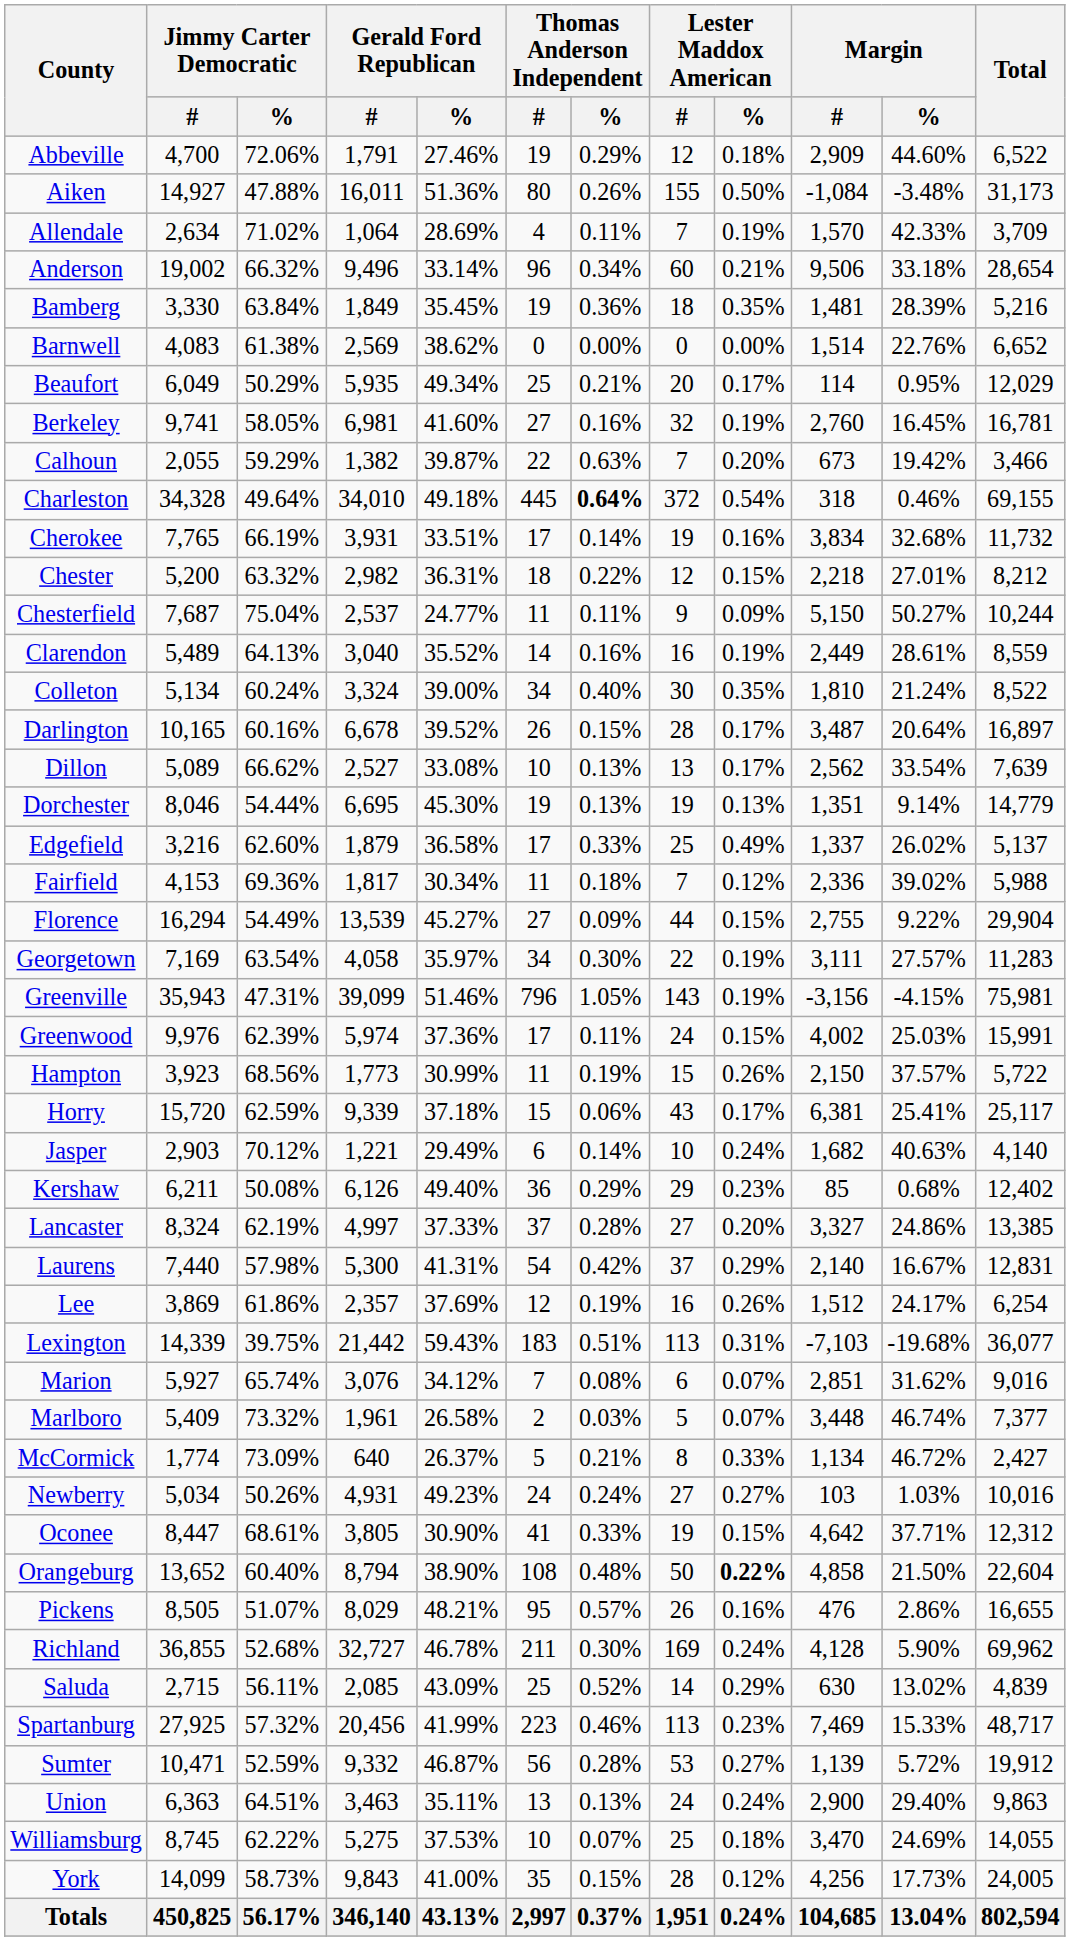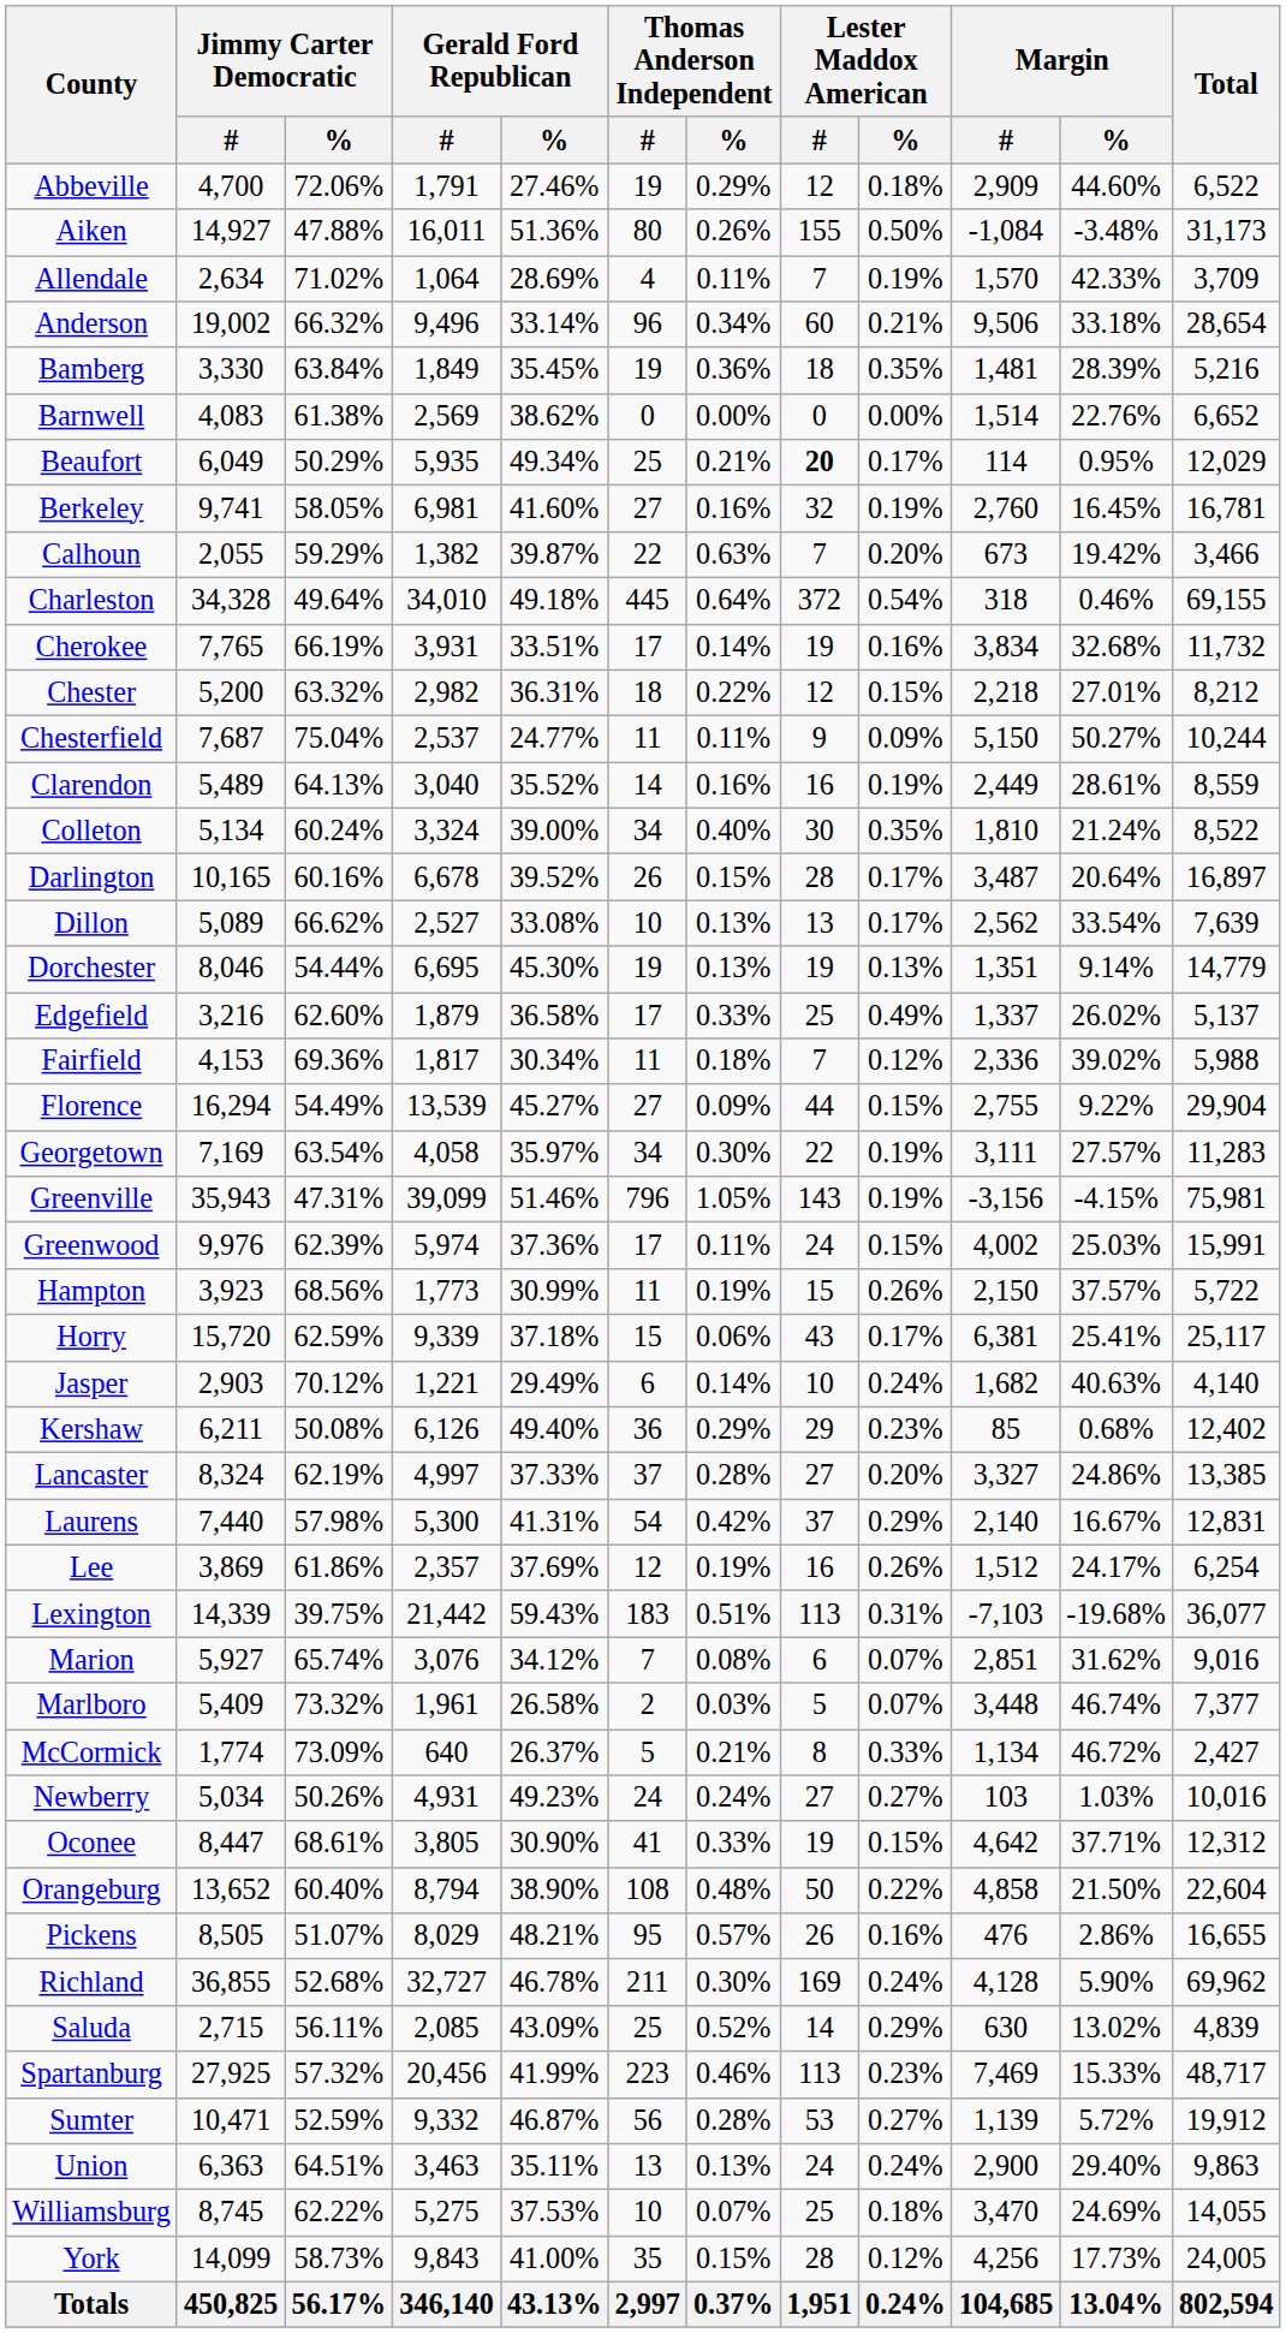 <table width="60%" class="wikitable sortable">
 <tr>
 <th rowspan="2">County</th>
 <th colspan="2">Jimmy Carter<br>Democratic</th>
 <th colspan="2">Gerald Ford<br>Republican</th>
 <th colspan="2">Thomas Anderson<br>Independent</th>
 <th colspan="2">Lester Maddox<br>American</th>
 <th colspan="2">Margin</th>
 <th rowspan="2">Total</th>
 </tr>
 <tr>
 <th style="text-align:center;" data-sort-type="number">#</th>
 <th style="text-align:center;" data-sort-type="number">%</th>
 <th style="text-align:center;" data-sort-type="number">#</th>
 <th style="text-align:center;" data-sort-type="number">%</th>
 <th style="text-align:center;" data-sort-type="number">#</th>
 <th style="text-align:center;" data-sort-type="number">%</th>
 <th style="text-align:center;" data-sort-type="number">#</th>
 <th style="text-align:center;" data-sort-type="number">%</th>
 <th style="text-align:center;" data-sort-type="number">#</th>
 <th style="text-align:center;" data-sort-type="number">%</th>
 </tr>
 <tr style="text-align:center;">
 <td><a href='#'>Abbeville</a></td>
 <td>4,700</td>
 <td>72.06%</td>
 <td>1,791</td>
 <td>27.46%</td>
 <td>19</td>
 <td>0.29%</td>
 <td>12</td>
 <td>0.18%</td>
 <td>2,909</td>
 <td>44.60%</td>
 <td>6,522</td>
 </tr>
 <tr style="text-align:center;">
 <td><a href='#'>Aiken</a></td>
 <td>14,927</td>
 <td>47.88%</td>
 <td>16,011</td>
 <td>51.36%</td>
 <td>80</td>
 <td>0.26%</td>
 <td>155</td>
 <td>0.50%</td>
 <td>-1,084</td>
 <td>-3.48%</td>
 <td>31,173</td>
 </tr>
 <tr style="text-align:center;">
 <td><a href='#'>Allendale</a></td>
 <td>2,634</td>
 <td>71.02%</td>
 <td>1,064</td>
 <td>28.69%</td>
 <td>4</td>
 <td>0.11%</td>
 <td>7</td>
 <td>0.19%</td>
 <td>1,570</td>
 <td>42.33%</td>
 <td>3,709</td>
 </tr>
 <tr style="text-align:center;">
 <td><a href='#'>Anderson</a></td>
 <td>19,002</td>
 <td>66.32%</td>
 <td>9,496</td>
 <td>33.14%</td>
 <td>96</td>
 <td>0.34%</td>
 <td>60</td>
 <td>0.21%</td>
 <td>9,506</td>
 <td>33.18%</td>
 <td>28,654</td>
 </tr>
 <tr style="text-align:center;">
 <td><a href='#'>Bamberg</a></td>
 <td>3,330</td>
 <td>63.84%</td>
 <td>1,849</td>
 <td>35.45%</td>
 <td>19</td>
 <td>0.36%</td>
 <td>18</td>
 <td>0.35%</td>
 <td>1,481</td>
 <td>28.39%</td>
 <td>5,216</td>
 </tr>
 <tr style="text-align:center;">
 <td><a href='#'>Barnwell</a></td>
 <td>4,083</td>
 <td>61.38%</td>
 <td>2,569</td>
 <td>38.62%</td>
 <td>0</td>
 <td>0.00%</td>
 <td>0</td>
 <td>0.00%</td>
 <td>1,514</td>
 <td>22.76%</td>
 <td>6,652</td>
 </tr>
 <tr style="text-align:center;">
 <td><a href='#'>Beaufort</a></td>
 <td>6,049</td>
 <td>50.29%</td>
 <td>5,935</td>
 <td>49.34%</td>
 <td>25</td>
 <td>0.21%</td>
-<td>20</td>
+<td><strong>20</strong></td>
 <td>0.17%</td>
 <td>114</td>
 <td>0.95%</td>
 <td>12,029</td>
 </tr>
 <tr style="text-align:center;">
 <td><a href='#'>Berkeley</a></td>
 <td>9,741</td>
 <td>58.05%</td>
 <td>6,981</td>
 <td>41.60%</td>
 <td>27</td>
 <td>0.16%</td>
 <td>32</td>
 <td>0.19%</td>
 <td>2,760</td>
 <td>16.45%</td>
 <td>16,781</td>
 </tr>
 <tr style="text-align:center;">
 <td><a href='#'>Calhoun</a></td>
 <td>2,055</td>
 <td>59.29%</td>
 <td>1,382</td>
 <td>39.87%</td>
 <td>22</td>
 <td>0.63%</td>
 <td>7</td>
 <td>0.20%</td>
 <td>673</td>
 <td>19.42%</td>
 <td>3,466</td>
 </tr>
 <tr style="text-align:center;">
 <td><a href='#'>Charleston</a></td>
 <td>34,328</td>
 <td>49.64%</td>
 <td>34,010</td>
 <td>49.18%</td>
 <td>445</td>
-<td><strong>0.64%</strong></td>
+<td>0.64%</td>
 <td>372</td>
 <td>0.54%</td>
 <td>318</td>
 <td>0.46%</td>
 <td>69,155</td>
 </tr>
 <tr style="text-align:center;">
 <td><a href='#'>Cherokee</a></td>
 <td>7,765</td>
 <td>66.19%</td>
 <td>3,931</td>
 <td>33.51%</td>
 <td>17</td>
 <td>0.14%</td>
 <td>19</td>
 <td>0.16%</td>
 <td>3,834</td>
 <td>32.68%</td>
 <td>11,732</td>
 </tr>
 <tr style="text-align:center;">
 <td><a href='#'>Chester</a></td>
 <td>5,200</td>
 <td>63.32%</td>
 <td>2,982</td>
 <td>36.31%</td>
 <td>18</td>
 <td>0.22%</td>
 <td>12</td>
 <td>0.15%</td>
 <td>2,218</td>
 <td>27.01%</td>
 <td>8,212</td>
 </tr>
 <tr style="text-align:center;">
 <td><a href='#'>Chesterfield</a></td>
 <td>7,687</td>
 <td>75.04%</td>
 <td>2,537</td>
 <td>24.77%</td>
 <td>11</td>
 <td>0.11%</td>
 <td>9</td>
 <td>0.09%</td>
 <td>5,150</td>
 <td>50.27%</td>
 <td>10,244</td>
 </tr>
 <tr style="text-align:center;">
 <td><a href='#'>Clarendon</a></td>
 <td>5,489</td>
 <td>64.13%</td>
 <td>3,040</td>
 <td>35.52%</td>
 <td>14</td>
 <td>0.16%</td>
 <td>16</td>
 <td>0.19%</td>
 <td>2,449</td>
 <td>28.61%</td>
 <td>8,559</td>
 </tr>
 <tr style="text-align:center;">
 <td><a href='#'>Colleton</a></td>
 <td>5,134</td>
 <td>60.24%</td>
 <td>3,324</td>
 <td>39.00%</td>
 <td>34</td>
 <td>0.40%</td>
 <td>30</td>
 <td>0.35%</td>
 <td>1,810</td>
 <td>21.24%</td>
 <td>8,522</td>
 </tr>
 <tr style="text-align:center;">
 <td><a href='#'>Darlington</a></td>
 <td>10,165</td>
 <td>60.16%</td>
 <td>6,678</td>
 <td>39.52%</td>
 <td>26</td>
 <td>0.15%</td>
 <td>28</td>
 <td>0.17%</td>
 <td>3,487</td>
 <td>20.64%</td>
 <td>16,897</td>
 </tr>
 <tr style="text-align:center;">
 <td><a href='#'>Dillon</a></td>
 <td>5,089</td>
 <td>66.62%</td>
 <td>2,527</td>
 <td>33.08%</td>
 <td>10</td>
 <td>0.13%</td>
 <td>13</td>
 <td>0.17%</td>
 <td>2,562</td>
 <td>33.54%</td>
 <td>7,639</td>
 </tr>
 <tr style="text-align:center;">
 <td><a href='#'>Dorchester</a></td>
 <td>8,046</td>
 <td>54.44%</td>
 <td>6,695</td>
 <td>45.30%</td>
 <td>19</td>
 <td>0.13%</td>
 <td>19</td>
 <td>0.13%</td>
 <td>1,351</td>
 <td>9.14%</td>
 <td>14,779</td>
 </tr>
 <tr style="text-align:center;">
 <td><a href='#'>Edgefield</a></td>
 <td>3,216</td>
 <td>62.60%</td>
 <td>1,879</td>
 <td>36.58%</td>
 <td>17</td>
 <td>0.33%</td>
 <td>25</td>
 <td>0.49%</td>
 <td>1,337</td>
 <td>26.02%</td>
 <td>5,137</td>
 </tr>
 <tr style="text-align:center;">
 <td><a href='#'>Fairfield</a></td>
 <td>4,153</td>
 <td>69.36%</td>
 <td>1,817</td>
 <td>30.34%</td>
 <td>11</td>
 <td>0.18%</td>
 <td>7</td>
 <td>0.12%</td>
 <td>2,336</td>
 <td>39.02%</td>
 <td>5,988</td>
 </tr>
 <tr style="text-align:center;">
 <td><a href='#'>Florence</a></td>
 <td>16,294</td>
 <td>54.49%</td>
 <td>13,539</td>
 <td>45.27%</td>
 <td>27</td>
 <td>0.09%</td>
 <td>44</td>
 <td>0.15%</td>
 <td>2,755</td>
 <td>9.22%</td>
 <td>29,904</td>
 </tr>
 <tr style="text-align:center;">
 <td><a href='#'>Georgetown</a></td>
 <td>7,169</td>
 <td>63.54%</td>
 <td>4,058</td>
 <td>35.97%</td>
 <td>34</td>
 <td>0.30%</td>
 <td>22</td>
 <td>0.19%</td>
 <td>3,111</td>
 <td>27.57%</td>
 <td>11,283</td>
 </tr>
 <tr style="text-align:center;">
 <td><a href='#'>Greenville</a></td>
 <td>35,943</td>
 <td>47.31%</td>
 <td>39,099</td>
 <td>51.46%</td>
 <td>796</td>
 <td>1.05%</td>
 <td>143</td>
 <td>0.19%</td>
 <td>-3,156</td>
 <td>-4.15%</td>
 <td>75,981</td>
 </tr>
 <tr style="text-align:center;">
 <td><a href='#'>Greenwood</a></td>
 <td>9,976</td>
 <td>62.39%</td>
 <td>5,974</td>
 <td>37.36%</td>
 <td>17</td>
 <td>0.11%</td>
 <td>24</td>
 <td>0.15%</td>
 <td>4,002</td>
 <td>25.03%</td>
 <td>15,991</td>
 </tr>
 <tr style="text-align:center;">
 <td><a href='#'>Hampton</a></td>
 <td>3,923</td>
 <td>68.56%</td>
 <td>1,773</td>
 <td>30.99%</td>
 <td>11</td>
 <td>0.19%</td>
 <td>15</td>
 <td>0.26%</td>
 <td>2,150</td>
 <td>37.57%</td>
 <td>5,722</td>
 </tr>
 <tr style="text-align:center;">
 <td><a href='#'>Horry</a></td>
 <td>15,720</td>
 <td>62.59%</td>
 <td>9,339</td>
 <td>37.18%</td>
 <td>15</td>
 <td>0.06%</td>
 <td>43</td>
 <td>0.17%</td>
 <td>6,381</td>
 <td>25.41%</td>
 <td>25,117</td>
 </tr>
 <tr style="text-align:center;">
 <td><a href='#'>Jasper</a></td>
 <td>2,903</td>
 <td>70.12%</td>
 <td>1,221</td>
 <td>29.49%</td>
 <td>6</td>
 <td>0.14%</td>
 <td>10</td>
 <td>0.24%</td>
 <td>1,682</td>
 <td>40.63%</td>
 <td>4,140</td>
 </tr>
 <tr style="text-align:center;">
 <td><a href='#'>Kershaw</a></td>
 <td>6,211</td>
 <td>50.08%</td>
 <td>6,126</td>
 <td>49.40%</td>
 <td>36</td>
 <td>0.29%</td>
 <td>29</td>
 <td>0.23%</td>
 <td>85</td>
 <td>0.68%</td>
 <td>12,402</td>
 </tr>
 <tr style="text-align:center;">
 <td><a href='#'>Lancaster</a></td>
 <td>8,324</td>
 <td>62.19%</td>
 <td>4,997</td>
 <td>37.33%</td>
 <td>37</td>
 <td>0.28%</td>
 <td>27</td>
 <td>0.20%</td>
 <td>3,327</td>
 <td>24.86%</td>
 <td>13,385</td>
 </tr>
 <tr style="text-align:center;">
 <td><a href='#'>Laurens</a></td>
 <td>7,440</td>
 <td>57.98%</td>
 <td>5,300</td>
 <td>41.31%</td>
 <td>54</td>
 <td>0.42%</td>
 <td>37</td>
 <td>0.29%</td>
 <td>2,140</td>
 <td>16.67%</td>
 <td>12,831</td>
 </tr>
 <tr style="text-align:center;">
 <td><a href='#'>Lee</a></td>
 <td>3,869</td>
 <td>61.86%</td>
 <td>2,357</td>
 <td>37.69%</td>
 <td>12</td>
 <td>0.19%</td>
 <td>16</td>
 <td>0.26%</td>
 <td>1,512</td>
 <td>24.17%</td>
 <td>6,254</td>
 </tr>
 <tr style="text-align:center;">
 <td><a href='#'>Lexington</a></td>
 <td>14,339</td>
 <td>39.75%</td>
 <td>21,442</td>
 <td>59.43%</td>
 <td>183</td>
 <td>0.51%</td>
 <td>113</td>
 <td>0.31%</td>
 <td>-7,103</td>
 <td>-19.68%</td>
 <td>36,077</td>
 </tr>
 <tr style="text-align:center;">
 <td><a href='#'>Marion</a></td>
 <td>5,927</td>
 <td>65.74%</td>
 <td>3,076</td>
 <td>34.12%</td>
 <td>7</td>
 <td>0.08%</td>
 <td>6</td>
 <td>0.07%</td>
 <td>2,851</td>
 <td>31.62%</td>
 <td>9,016</td>
 </tr>
 <tr style="text-align:center;">
 <td><a href='#'>Marlboro</a></td>
 <td>5,409</td>
 <td>73.32%</td>
 <td>1,961</td>
 <td>26.58%</td>
 <td>2</td>
 <td>0.03%</td>
 <td>5</td>
 <td>0.07%</td>
 <td>3,448</td>
 <td>46.74%</td>
 <td>7,377</td>
 </tr>
 <tr style="text-align:center;">
 <td><a href='#'>McCormick</a></td>
 <td>1,774</td>
 <td>73.09%</td>
 <td>640</td>
 <td>26.37%</td>
 <td>5</td>
 <td>0.21%</td>
 <td>8</td>
 <td>0.33%</td>
 <td>1,134</td>
 <td>46.72%</td>
 <td>2,427</td>
 </tr>
 <tr style="text-align:center;">
 <td><a href='#'>Newberry</a></td>
 <td>5,034</td>
 <td>50.26%</td>
 <td>4,931</td>
 <td>49.23%</td>
 <td>24</td>
 <td>0.24%</td>
 <td>27</td>
 <td>0.27%</td>
 <td>103</td>
 <td>1.03%</td>
 <td>10,016</td>
 </tr>
 <tr style="text-align:center;">
 <td><a href='#'>Oconee</a></td>
 <td>8,447</td>
 <td>68.61%</td>
 <td>3,805</td>
 <td>30.90%</td>
 <td>41</td>
 <td>0.33%</td>
 <td>19</td>
 <td>0.15%</td>
 <td>4,642</td>
 <td>37.71%</td>
 <td>12,312</td>
 </tr>
 <tr style="text-align:center;">
 <td><a href='#'>Orangeburg</a></td>
 <td>13,652</td>
 <td>60.40%</td>
 <td>8,794</td>
 <td>38.90%</td>
 <td>108</td>
 <td>0.48%</td>
 <td>50</td>
-<td><strong>0.22%</strong></td>
+<td>0.22%</td>
 <td>4,858</td>
 <td>21.50%</td>
 <td>22,604</td>
 </tr>
 <tr style="text-align:center;">
 <td><a href='#'>Pickens</a></td>
 <td>8,505</td>
 <td>51.07%</td>
 <td>8,029</td>
 <td>48.21%</td>
 <td>95</td>
 <td>0.57%</td>
 <td>26</td>
 <td>0.16%</td>
 <td>476</td>
 <td>2.86%</td>
 <td>16,655</td>
 </tr>
 <tr style="text-align:center;">
 <td><a href='#'>Richland</a></td>
 <td>36,855</td>
 <td>52.68%</td>
 <td>32,727</td>
 <td>46.78%</td>
 <td>211</td>
 <td>0.30%</td>
 <td>169</td>
 <td>0.24%</td>
 <td>4,128</td>
 <td>5.90%</td>
 <td>69,962</td>
 </tr>
 <tr style="text-align:center;">
 <td><a href='#'>Saluda</a></td>
 <td>2,715</td>
 <td>56.11%</td>
 <td>2,085</td>
 <td>43.09%</td>
 <td>25</td>
 <td>0.52%</td>
 <td>14</td>
 <td>0.29%</td>
 <td>630</td>
 <td>13.02%</td>
 <td>4,839</td>
 </tr>
 <tr style="text-align:center;">
 <td><a href='#'>Spartanburg</a></td>
 <td>27,925</td>
 <td>57.32%</td>
 <td>20,456</td>
 <td>41.99%</td>
 <td>223</td>
 <td>0.46%</td>
 <td>113</td>
 <td>0.23%</td>
 <td>7,469</td>
 <td>15.33%</td>
 <td>48,717</td>
 </tr>
 <tr style="text-align:center;">
 <td><a href='#'>Sumter</a></td>
 <td>10,471</td>
 <td>52.59%</td>
 <td>9,332</td>
 <td>46.87%</td>
 <td>56</td>
 <td>0.28%</td>
 <td>53</td>
 <td>0.27%</td>
 <td>1,139</td>
 <td>5.72%</td>
 <td>19,912</td>
 </tr>
 <tr style="text-align:center;">
 <td><a href='#'>Union</a></td>
 <td>6,363</td>
 <td>64.51%</td>
 <td>3,463</td>
 <td>35.11%</td>
 <td>13</td>
 <td>0.13%</td>
 <td>24</td>
 <td>0.24%</td>
 <td>2,900</td>
 <td>29.40%</td>
 <td>9,863</td>
 </tr>
 <tr style="text-align:center;">
 <td><a href='#'>Williamsburg</a></td>
 <td>8,745</td>
 <td>62.22%</td>
 <td>5,275</td>
 <td>37.53%</td>
 <td>10</td>
 <td>0.07%</td>
 <td>25</td>
 <td>0.18%</td>
 <td>3,470</td>
 <td>24.69%</td>
 <td>14,055</td>
 </tr>
 <tr style="text-align:center;">
 <td><a href='#'>York</a></td>
 <td>14,099</td>
 <td>58.73%</td>
 <td>9,843</td>
 <td>41.00%</td>
 <td>35</td>
 <td>0.15%</td>
 <td>28</td>
 <td>0.12%</td>
 <td>4,256</td>
 <td>17.73%</td>
 <td>24,005</td>
 </tr>
 <tr style="text-align:center;">
 <th>Totals</th>
 <th>450,825</th>
 <th>56.17%</th>
 <th>346,140</th>
 <th>43.13%</th>
 <th>2,997</th>
 <th>0.37%</th>
 <th>1,951</th>
 <th>0.24%</th>
 <th>104,685</th>
 <th>13.04%</th>
 <th>802,594</th>
 </tr>
 </table>
